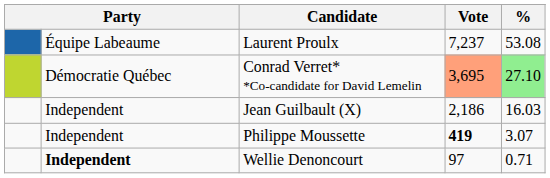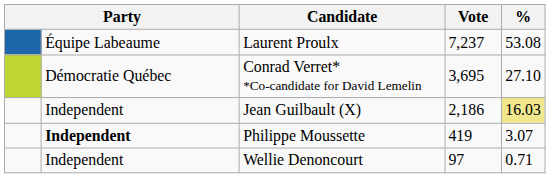 <table class="wikitable">
 <tr>
 </tr>
 <tr>
 <th bgcolor="#DDDDFF" width="230px" colspan="2">Party</th>
 <th bgcolor="#DDDDFF" width="200px">Candidate</th>
 <th bgcolor="#DDDDFF" width="50px">Vote</th>
 <th bgcolor="#DDDDFF" width="30px">%</th>
 </tr>
 <tr>
 <td bgcolor=#1D66A9 width="30px"> </td>
 <td>Équipe Labeaume</td>
 <td>Laurent Proulx</td>
 <td>7,237</td>
 <td>53.08</td>
 </tr>
 <tr>
 <td bgcolor=#BFD630 width="30px"> </td>
 <td>Démocratie Québec</td>
 <td>Conrad Verret*<br><small>*Co-candidate for David Lemelin</small></td>
-<td style="background: lightsalmon;">3,695</td>
-<td style="background: lightgreen;">27.10</td>
+<td>3,695</td>
+<td>27.10</td>
 </tr>
 <tr>
 <td> </td>
 <td>Independent</td>
 <td>Jean Guilbault (X)</td>
 <td>2,186</td>
-<td>16.03</td>
+<td style="background: khaki;">16.03</td>
+</tr>
+<tr>
+<td> </td>
+<td><strong>Independent</strong></td>
+<td>Philippe Moussette</td>
+<td>419</td>
+<td>3.07</td>
 </tr>
 <tr>
 <td> </td>
 <td>Independent</td>
-<td>Philippe Moussette</td>
-<td><strong>419</strong></td>
-<td>3.07</td>
-</tr>
-<tr>
-<td> </td>
-<td><strong>Independent</strong></td>
 <td>Wellie Denoncourt</td>
 <td>97</td>
 <td>0.71</td>
 </tr>
 </table>
